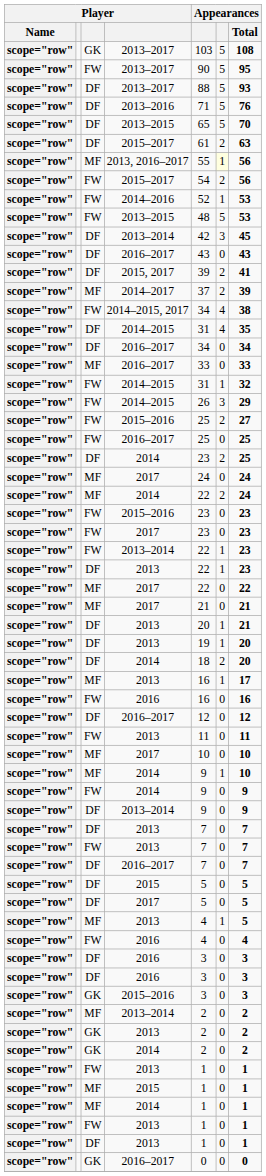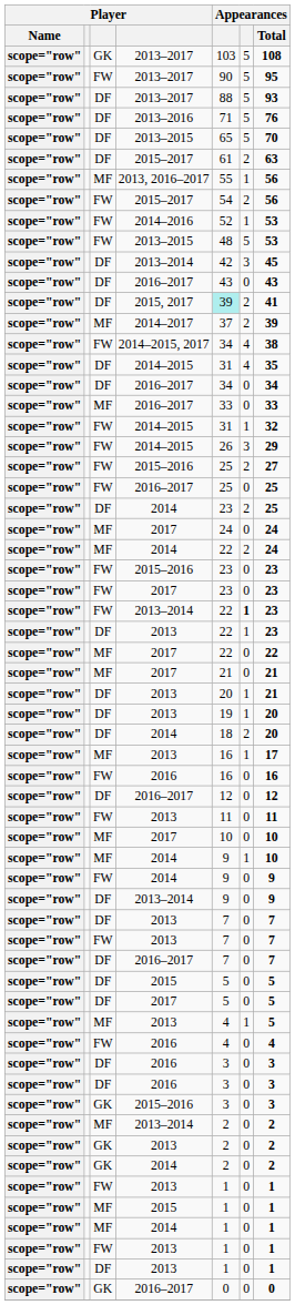 <table class="wikitable plainrowheaders sortable" style="text-align:center;">
 <tr>
 <th colspan=4 scope="colgroup">Player</th>
 <th colspan=4 scope="colgroup">Appearances</th>
 </tr>
 <tr>
 <th scope="col">Name</th>
 <th scope="col"></th>
 <th scope="col"></th>
 <th scope="col"></th>
 <th scope="col"></th>
 <th scope="col"></th>
 <th scope="col">Total</th>
 </tr>
 <tr>
 <th>scope="row" </th>
 <td></td>
 <td>GK</td>
 <td>2013–2017</td>
 <td>103</td>
 <td>5</td>
 <td><strong>108</strong></td>
 </tr>
 <tr>
 <th>scope="row" </th>
 <td></td>
 <td>FW</td>
 <td>2013–2017</td>
 <td>90</td>
 <td>5</td>
 <td><strong>95</strong></td>
 </tr>
 <tr>
 <th>scope="row" </th>
 <td></td>
 <td>DF</td>
 <td>2013–2017</td>
 <td>88</td>
 <td>5</td>
 <td><strong>93</strong></td>
 </tr>
 <tr>
 <th>scope="row" </th>
 <td></td>
 <td>DF</td>
 <td>2013–2016</td>
 <td>71</td>
 <td>5</td>
 <td><strong>76</strong></td>
 </tr>
 <tr>
 <th>scope="row" </th>
 <td></td>
 <td>DF</td>
 <td>2013–2015</td>
 <td>65</td>
 <td>5</td>
 <td><strong>70</strong></td>
 </tr>
 <tr>
 <th>scope="row" </th>
 <td></td>
 <td>DF</td>
 <td>2015–2017</td>
 <td>61</td>
 <td>2</td>
 <td><strong>63</strong></td>
 </tr>
 <tr>
 <th>scope="row" </th>
 <td></td>
 <td>MF</td>
 <td>2013, 2016–2017</td>
 <td>55</td>
-<td style="background: lightyellow;">1</td>
+<td>1</td>
 <td><strong>56</strong></td>
 </tr>
 <tr>
 <th>scope="row" </th>
 <td></td>
 <td>FW</td>
 <td>2015–2017</td>
 <td>54</td>
 <td>2</td>
 <td><strong>56</strong></td>
 </tr>
 <tr>
 <th>scope="row" </th>
 <td></td>
 <td>FW</td>
 <td>2014–2016</td>
 <td>52</td>
 <td>1</td>
 <td><strong>53</strong></td>
 </tr>
 <tr>
 <th>scope="row" </th>
 <td></td>
 <td>FW</td>
 <td>2013–2015</td>
 <td>48</td>
 <td>5</td>
 <td><strong>53</strong></td>
 </tr>
 <tr>
 <th>scope="row" </th>
 <td></td>
 <td>DF</td>
 <td>2013–2014</td>
 <td>42</td>
 <td>3</td>
 <td><strong>45</strong></td>
 </tr>
 <tr>
 <th>scope="row" </th>
 <td></td>
 <td>DF</td>
 <td>2016–2017</td>
 <td>43</td>
 <td>0</td>
 <td><strong>43</strong></td>
 </tr>
 <tr>
 <th>scope="row" </th>
 <td></td>
 <td>DF</td>
 <td>2015, 2017</td>
-<td>39</td>
+<td style="background: paleturquoise;">39</td>
 <td>2</td>
 <td><strong>41</strong></td>
 </tr>
 <tr>
 <th>scope="row" </th>
 <td></td>
 <td>MF</td>
 <td>2014–2017</td>
 <td>37</td>
 <td>2</td>
 <td><strong>39</strong></td>
 </tr>
 <tr>
 <th>scope="row" </th>
 <td></td>
 <td>FW</td>
 <td>2014–2015, 2017</td>
 <td>34</td>
 <td>4</td>
 <td><strong>38</strong></td>
 </tr>
 <tr>
 <th>scope="row" </th>
 <td></td>
 <td>DF</td>
 <td>2014–2015</td>
 <td>31</td>
 <td>4</td>
 <td><strong>35</strong></td>
 </tr>
 <tr>
 <th>scope="row" </th>
 <td></td>
 <td>DF</td>
 <td>2016–2017</td>
 <td>34</td>
 <td>0</td>
 <td><strong>34</strong></td>
 </tr>
 <tr>
 <th>scope="row" </th>
 <td></td>
 <td>MF</td>
 <td>2016–2017</td>
 <td>33</td>
 <td>0</td>
 <td><strong>33</strong></td>
 </tr>
 <tr>
 <th>scope="row" </th>
 <td></td>
 <td>FW</td>
 <td>2014–2015</td>
 <td>31</td>
 <td>1</td>
 <td><strong>32</strong></td>
 </tr>
 <tr>
 <th>scope="row" </th>
 <td></td>
 <td>FW</td>
 <td>2014–2015</td>
 <td>26</td>
 <td>3</td>
 <td><strong>29</strong></td>
 </tr>
 <tr>
 <th>scope="row" </th>
 <td></td>
 <td>FW</td>
 <td>2015–2016</td>
 <td>25</td>
 <td>2</td>
 <td><strong>27</strong></td>
 </tr>
 <tr>
 <th>scope="row" </th>
 <td></td>
 <td>FW</td>
 <td>2016–2017</td>
 <td>25</td>
 <td>0</td>
 <td><strong>25</strong></td>
 </tr>
 <tr>
 <th>scope="row" </th>
 <td></td>
 <td>DF</td>
 <td>2014</td>
 <td>23</td>
 <td>2</td>
 <td><strong>25</strong></td>
 </tr>
 <tr>
 <th>scope="row" </th>
 <td></td>
 <td>MF</td>
 <td>2017</td>
 <td>24</td>
 <td>0</td>
 <td><strong>24</strong></td>
 </tr>
 <tr>
 <th>scope="row" </th>
 <td></td>
 <td>MF</td>
 <td>2014</td>
 <td>22</td>
 <td>2</td>
 <td><strong>24</strong></td>
 </tr>
 <tr>
 <th>scope="row" </th>
 <td></td>
 <td>FW</td>
 <td>2015–2016</td>
 <td>23</td>
 <td>0</td>
 <td><strong>23</strong></td>
 </tr>
 <tr>
 <th>scope="row" </th>
 <td></td>
 <td>FW</td>
 <td>2017</td>
 <td>23</td>
 <td>0</td>
 <td><strong>23</strong></td>
 </tr>
 <tr>
 <th>scope="row" </th>
 <td></td>
 <td>FW</td>
 <td>2013–2014</td>
 <td>22</td>
-<td>1</td>
+<td><strong>1</strong></td>
 <td><strong>23</strong></td>
 </tr>
 <tr>
 <th>scope="row" </th>
 <td></td>
 <td>DF</td>
 <td>2013</td>
 <td>22</td>
 <td>1</td>
 <td><strong>23</strong></td>
 </tr>
 <tr>
 <th>scope="row" </th>
 <td></td>
 <td>MF</td>
 <td>2017</td>
 <td>22</td>
 <td>0</td>
 <td><strong>22</strong></td>
 </tr>
 <tr>
 <th>scope="row" </th>
 <td></td>
 <td>MF</td>
 <td>2017</td>
 <td>21</td>
 <td>0</td>
 <td><strong>21</strong></td>
 </tr>
 <tr>
 <th>scope="row" </th>
 <td></td>
 <td>DF</td>
 <td>2013</td>
 <td>20</td>
 <td>1</td>
 <td><strong>21</strong></td>
 </tr>
 <tr>
 <th>scope="row" </th>
 <td></td>
 <td>DF</td>
 <td>2013</td>
 <td>19</td>
 <td>1</td>
 <td><strong>20</strong></td>
 </tr>
 <tr>
 <th>scope="row" </th>
 <td></td>
 <td>DF</td>
 <td>2014</td>
 <td>18</td>
 <td>2</td>
 <td><strong>20</strong></td>
 </tr>
 <tr>
 <th>scope="row" </th>
 <td></td>
 <td>MF</td>
 <td>2013</td>
 <td>16</td>
 <td>1</td>
 <td><strong>17</strong></td>
 </tr>
 <tr>
 <th>scope="row" </th>
 <td></td>
 <td>FW</td>
 <td>2016</td>
 <td>16</td>
 <td>0</td>
 <td><strong>16</strong></td>
 </tr>
 <tr>
 <th>scope="row" </th>
 <td></td>
 <td>DF</td>
 <td>2016–2017</td>
 <td>12</td>
 <td>0</td>
 <td><strong>12</strong></td>
 </tr>
 <tr>
 <th>scope="row" </th>
 <td></td>
 <td>FW</td>
 <td>2013</td>
 <td>11</td>
 <td>0</td>
 <td><strong>11</strong></td>
 </tr>
 <tr>
 <th>scope="row" </th>
 <td></td>
 <td>MF</td>
 <td>2017</td>
 <td>10</td>
 <td>0</td>
 <td><strong>10</strong></td>
 </tr>
 <tr>
 <th>scope="row" </th>
 <td></td>
 <td>MF</td>
 <td>2014</td>
 <td>9</td>
 <td>1</td>
 <td><strong>10</strong></td>
 </tr>
 <tr>
 <th>scope="row" </th>
 <td></td>
 <td>FW</td>
 <td>2014</td>
 <td>9</td>
 <td>0</td>
 <td><strong>9</strong></td>
 </tr>
 <tr>
 <th>scope="row" </th>
 <td></td>
 <td>DF</td>
 <td>2013–2014</td>
 <td>9</td>
 <td>0</td>
 <td><strong>9</strong></td>
 </tr>
 <tr>
 <th>scope="row" </th>
 <td></td>
 <td>DF</td>
 <td>2013</td>
 <td>7</td>
 <td>0</td>
 <td><strong>7</strong></td>
 </tr>
 <tr>
 <th>scope="row" </th>
 <td></td>
 <td>FW</td>
 <td>2013</td>
 <td>7</td>
 <td>0</td>
 <td><strong>7</strong></td>
 </tr>
 <tr>
 <th>scope="row" </th>
 <td></td>
 <td>DF</td>
 <td>2016–2017</td>
 <td>7</td>
 <td>0</td>
 <td><strong>7</strong></td>
 </tr>
 <tr>
 <th>scope="row" </th>
 <td></td>
 <td>DF</td>
 <td>2015</td>
 <td>5</td>
 <td>0</td>
 <td><strong>5</strong></td>
 </tr>
 <tr>
 <th>scope="row" </th>
 <td></td>
 <td>DF</td>
 <td>2017</td>
 <td>5</td>
 <td>0</td>
 <td><strong>5</strong></td>
 </tr>
 <tr>
 <th>scope="row" </th>
 <td></td>
 <td>MF</td>
 <td>2013</td>
 <td>4</td>
 <td>1</td>
 <td><strong>5</strong></td>
 </tr>
 <tr>
 <th>scope="row" </th>
 <td></td>
 <td>FW</td>
 <td>2016</td>
 <td>4</td>
 <td>0</td>
 <td><strong>4</strong></td>
 </tr>
 <tr>
 <th>scope="row" </th>
 <td></td>
 <td>DF</td>
 <td>2016</td>
 <td>3</td>
 <td>0</td>
 <td><strong>3</strong></td>
 </tr>
 <tr>
 <th>scope="row" </th>
 <td></td>
 <td>DF</td>
 <td>2016</td>
 <td>3</td>
 <td>0</td>
 <td><strong>3</strong></td>
 </tr>
 <tr>
 <th>scope="row" </th>
 <td></td>
 <td>GK</td>
 <td>2015–2016</td>
 <td>3</td>
 <td>0</td>
 <td><strong>3</strong></td>
 </tr>
 <tr>
 <th>scope="row" </th>
 <td></td>
 <td>MF</td>
 <td>2013–2014</td>
 <td>2</td>
 <td>0</td>
 <td><strong>2</strong></td>
 </tr>
 <tr>
 <th>scope="row" </th>
 <td></td>
 <td>GK</td>
 <td>2013</td>
 <td>2</td>
 <td>0</td>
 <td><strong>2</strong></td>
 </tr>
 <tr>
 <th>scope="row" </th>
 <td></td>
 <td>GK</td>
 <td>2014</td>
 <td>2</td>
 <td>0</td>
 <td><strong>2</strong></td>
 </tr>
 <tr>
 <th>scope="row" </th>
 <td></td>
 <td>FW</td>
 <td>2013</td>
 <td>1</td>
 <td>0</td>
 <td><strong>1</strong></td>
 </tr>
 <tr>
 <th>scope="row" </th>
 <td></td>
 <td>MF</td>
 <td>2015</td>
 <td>1</td>
 <td>0</td>
 <td><strong>1</strong></td>
 </tr>
 <tr>
 <th>scope="row" </th>
 <td></td>
 <td>MF</td>
 <td>2014</td>
 <td>1</td>
 <td>0</td>
 <td><strong>1</strong></td>
 </tr>
 <tr>
 <th>scope="row" </th>
 <td></td>
 <td>FW</td>
 <td>2013</td>
 <td>1</td>
 <td>0</td>
 <td><strong>1</strong></td>
 </tr>
 <tr>
 <th>scope="row" </th>
 <td></td>
 <td>DF</td>
 <td>2013</td>
 <td>1</td>
 <td>0</td>
 <td><strong>1</strong></td>
 </tr>
 <tr>
 <th>scope="row" </th>
 <td></td>
 <td>GK</td>
 <td>2016–2017</td>
 <td>0</td>
 <td>0</td>
 <td><strong>0</strong></td>
 </tr>
 <tr>
 </tr>
 </table>
